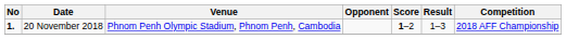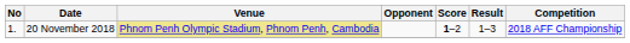 <table class="wikitable" style="font-size:85%;">
 <tr>
 <th>No</th>
 <th>Date</th>
 <th>Venue</th>
 <th>Opponent</th>
 <th>Score</th>
 <th>Result</th>
 <th>Competition</th>
 </tr>
 <tr>
-<td><strong>1.</strong></td>
+<td>1.</td>
 <td>20 November 2018</td>
-<td><a href='#'>Phnom Penh Olympic Stadium</a>, <a href='#'>Phnom Penh</a>, <a href='#'>Cambodia</a></td>
+<td style="background: khaki;"><a href='#'>Phnom Penh Olympic Stadium</a>, <a href='#'>Phnom Penh</a>, <a href='#'>Cambodia</a></td>
 <td></td>
 <td align=center><strong>1</strong>–2</td>
 <td align=center>1–3</td>
 <td align=center><a href='#'>2018 AFF Championship</a></td>
 </tr>
 <tr>
 </tr>
 </table>
